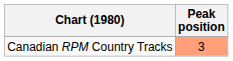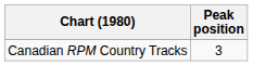 <table class="wikitable sortable">
 <tr>
 <th align="left">Chart (1980)</th>
 <th align="center">Peak<br>position</th>
 </tr>
 <tr>
 </tr>
 <tr>
 <td align="left">Canadian <em>RPM</em> Country Tracks</td>
-<td align="center" style="background: lightsalmon;">3</td>
+<td align="center">3</td>
 </tr>
 </table>
